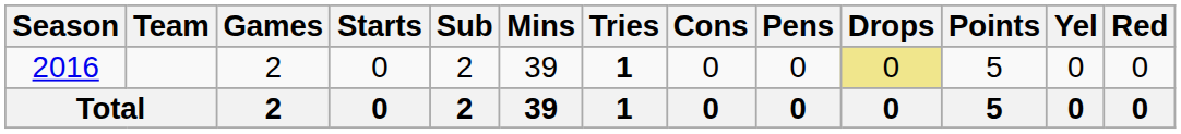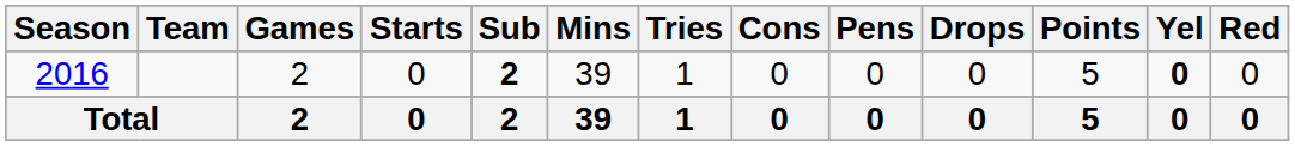 <table class="wikitable" style="text-align:center; line-height:90%; font-size:95%; width:60%;">
 <tr>
 <th>Season</th>
 <th>Team</th>
 <th>Games</th>
 <th>Starts</th>
 <th>Sub</th>
 <th>Mins</th>
 <th>Tries</th>
 <th>Cons</th>
 <th>Pens</th>
 <th>Drops</th>
 <th>Points</th>
 <th>Yel</th>
 <th>Red</th>
 </tr>
 <tr>
 <td><a href='#'>2016</a></td>
 <td></td>
 <td>2</td>
 <td>0</td>
-<td>2</td>
+<td><strong>2</strong></td>
 <td>39</td>
-<td><strong>1</strong></td>
+<td>1</td>
 <td>0</td>
 <td>0</td>
-<td style="background: khaki;">0</td>
+<td>0</td>
 <td>5</td>
-<td>0</td>
+<td><strong>0</strong></td>
 <td>0</td>
 </tr>
 <tr>
 <th colspan="2">Total</th>
 <th>2</th>
 <th>0</th>
 <th>2</th>
 <th>39</th>
 <th>1</th>
 <th>0</th>
 <th>0</th>
 <th>0</th>
 <th>5</th>
 <th>0</th>
 <th>0</th>
 </tr>
 </table>
